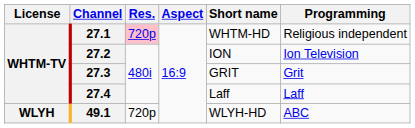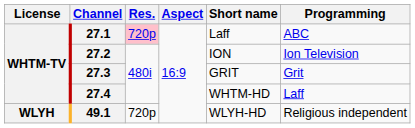 <table class="wikitable">
 <tr>
 <th scope = "col">License</th>
 <th scope = "col"><a href='#'>Channel</a></th>
 <th scope = "col"><a href='#'>Res.</a></th>
 <th scope = "col"><a href='#'>Aspect</a></th>
 <th scope = "col">Short name</th>
 <th scope = "col">Programming</th>
 </tr>
 <tr>
 <th rowspan = "4" style="border-right: 4px solid #c00000;">WHTM-TV</th>
 <th scope = "row">27.1</th>
 <td style="background: pink;"><a href='#'>720p</a></td>
 <td rowspan="5"><a href='#'>16:9</a></td>
-<td>WHTM-HD</td>
-<td>Religious independent</td>
+<td>Laff</td>
+<td><a href='#'>ABC</a></td>
 </tr>
 <tr>
 <th scope = "row">27.2</th>
 <td rowspan=3><a href='#'>480i</a></td>
 <td>ION</td>
 <td><a href='#'>Ion Television</a></td>
 </tr>
 <tr>
 <th scope = "row">27.3</th>
 <td>GRIT</td>
 <td><a href='#'>Grit</a></td>
 </tr>
 <tr>
 <th scope = "row">27.4</th>
-<td>Laff</td>
+<td>WHTM-HD</td>
 <td><a href='#'>Laff</a></td>
 </tr>
 <tr>
 <th rowspan = "row" scope = "row" style="border-right: 4px solid #fbb22b;">WLYH</th>
 <th scope = "row">49.1</th>
 <td>720p</td>
 <td>WLYH-HD</td>
-<td><a href='#'>ABC</a></td>
+<td>Religious independent</td>
 </tr>
 </table>
